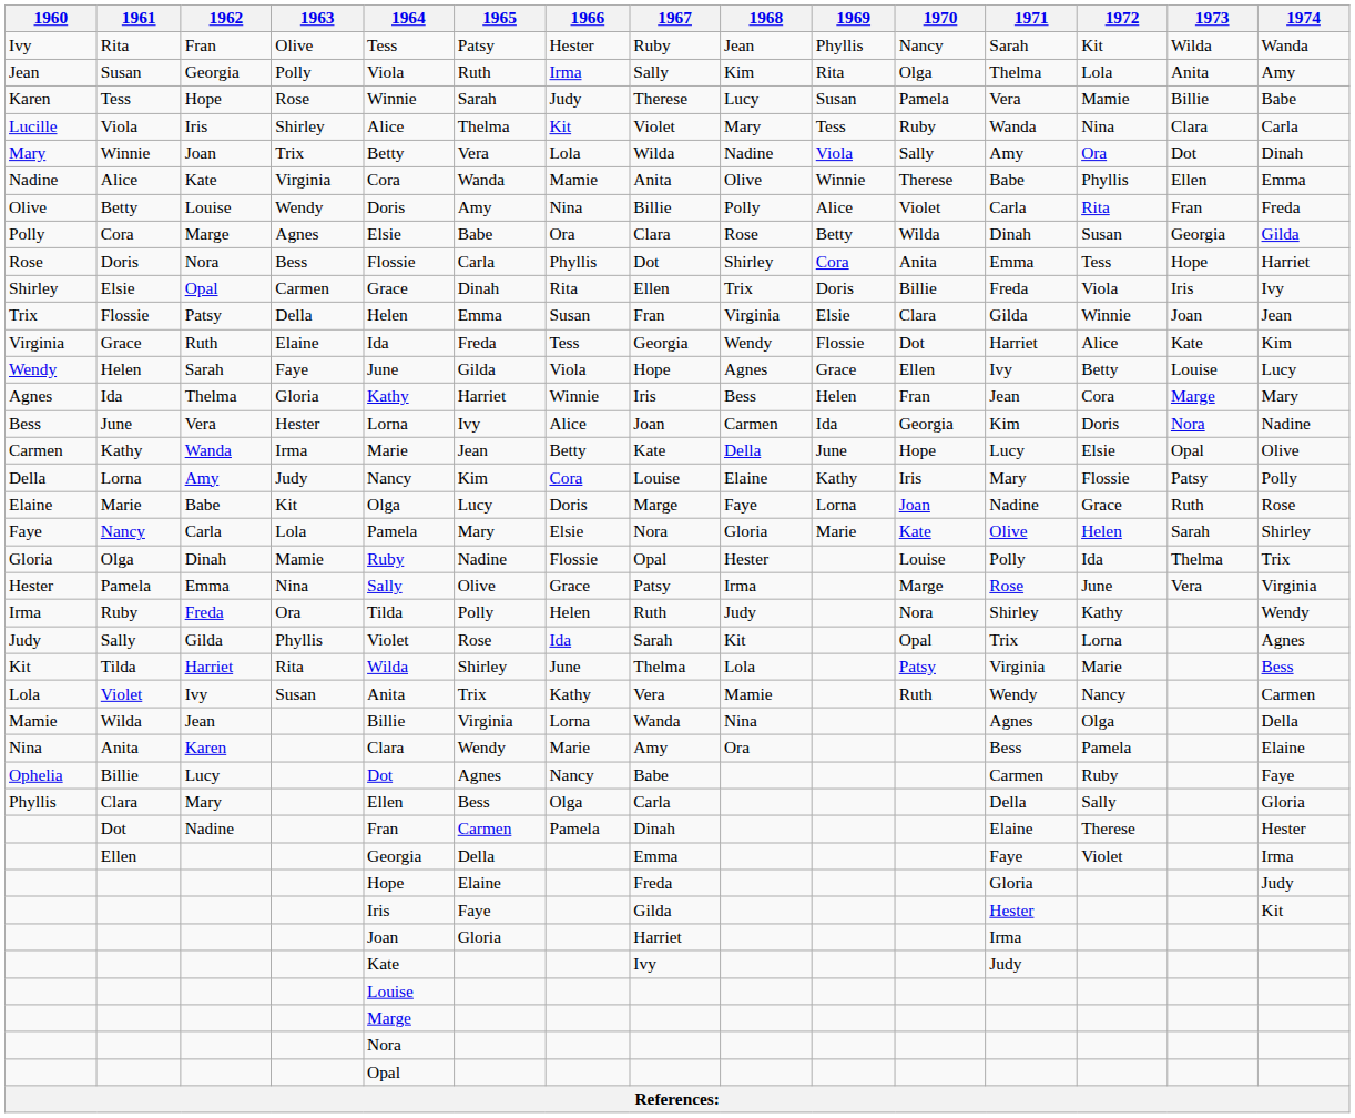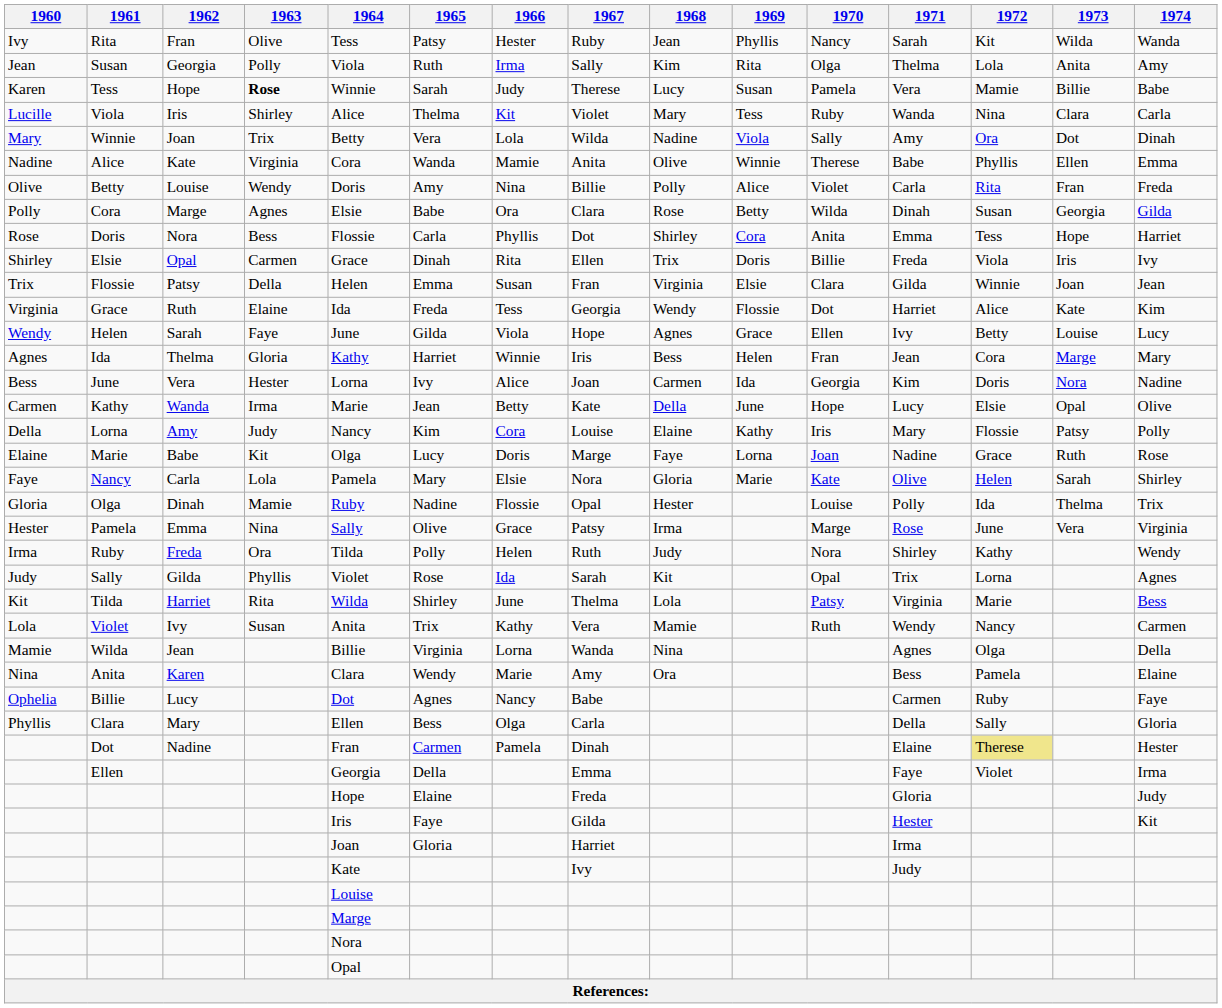 <table class="wikitable" width="100%">
 <tr>
 <th><a href='#'>1960</a></th>
 <th><a href='#'>1961</a></th>
 <th><a href='#'>1962</a></th>
 <th><a href='#'>1963</a></th>
 <th><a href='#'>1964</a></th>
 <th><a href='#'>1965</a></th>
 <th><a href='#'>1966</a></th>
 <th><a href='#'>1967</a></th>
 <th><a href='#'>1968</a></th>
 <th><a href='#'>1969</a></th>
 <th><a href='#'>1970</a></th>
 <th><a href='#'>1971</a></th>
 <th><a href='#'>1972</a></th>
 <th><a href='#'>1973</a></th>
 <th><a href='#'>1974</a></th>
 </tr>
 <tr>
 <td>Ivy</td>
 <td>Rita</td>
 <td>Fran</td>
 <td>Olive</td>
 <td>Tess</td>
 <td>Patsy</td>
 <td>Hester</td>
 <td>Ruby</td>
 <td>Jean</td>
 <td>Phyllis</td>
 <td>Nancy</td>
 <td>Sarah</td>
 <td>Kit</td>
 <td>Wilda</td>
 <td>Wanda</td>
 </tr>
 <tr>
 <td>Jean</td>
 <td>Susan</td>
 <td>Georgia</td>
 <td>Polly</td>
 <td>Viola</td>
 <td>Ruth</td>
 <td><a href='#'>Irma</a></td>
 <td>Sally</td>
 <td>Kim</td>
 <td>Rita</td>
 <td>Olga</td>
 <td>Thelma</td>
 <td>Lola</td>
 <td>Anita</td>
 <td>Amy</td>
 </tr>
 <tr>
 <td>Karen</td>
 <td>Tess</td>
 <td>Hope</td>
-<td>Rose</td>
+<td><strong>Rose</strong></td>
 <td>Winnie</td>
 <td>Sarah</td>
 <td>Judy</td>
 <td>Therese</td>
 <td>Lucy</td>
 <td>Susan</td>
 <td>Pamela</td>
 <td>Vera</td>
 <td>Mamie</td>
 <td>Billie</td>
 <td>Babe</td>
 </tr>
 <tr>
 <td><a href='#'>Lucille</a></td>
 <td>Viola</td>
 <td>Iris</td>
 <td>Shirley</td>
 <td>Alice</td>
 <td>Thelma</td>
 <td><a href='#'>Kit</a></td>
 <td>Violet</td>
 <td>Mary</td>
 <td>Tess</td>
 <td>Ruby</td>
 <td>Wanda</td>
 <td>Nina</td>
 <td>Clara</td>
 <td>Carla</td>
 </tr>
 <tr>
 <td><a href='#'>Mary</a></td>
 <td>Winnie</td>
 <td>Joan</td>
 <td>Trix</td>
 <td>Betty</td>
 <td>Vera</td>
 <td>Lola</td>
 <td>Wilda</td>
 <td>Nadine</td>
 <td><a href='#'>Viola</a></td>
 <td>Sally</td>
 <td>Amy</td>
 <td><a href='#'>Ora</a></td>
 <td>Dot</td>
 <td>Dinah</td>
 </tr>
 <tr>
 <td>Nadine</td>
 <td>Alice</td>
 <td>Kate</td>
 <td>Virginia</td>
 <td>Cora</td>
 <td>Wanda</td>
 <td>Mamie</td>
 <td>Anita</td>
 <td>Olive</td>
 <td>Winnie</td>
 <td>Therese</td>
 <td>Babe</td>
 <td>Phyllis</td>
 <td>Ellen</td>
 <td>Emma</td>
 </tr>
 <tr>
 <td>Olive</td>
 <td>Betty</td>
 <td>Louise</td>
 <td>Wendy</td>
 <td>Doris</td>
 <td>Amy</td>
 <td>Nina</td>
 <td>Billie</td>
 <td>Polly</td>
 <td>Alice</td>
 <td>Violet</td>
 <td>Carla</td>
 <td><a href='#'>Rita</a></td>
 <td>Fran</td>
 <td>Freda</td>
 </tr>
 <tr>
 <td>Polly</td>
 <td>Cora</td>
 <td>Marge</td>
 <td>Agnes</td>
 <td>Elsie</td>
 <td>Babe</td>
 <td>Ora</td>
 <td>Clara</td>
 <td>Rose</td>
 <td>Betty</td>
 <td>Wilda</td>
 <td>Dinah</td>
 <td>Susan</td>
 <td>Georgia</td>
 <td><a href='#'>Gilda</a></td>
 </tr>
 <tr>
 <td>Rose</td>
 <td>Doris</td>
 <td>Nora</td>
 <td>Bess</td>
 <td>Flossie</td>
 <td>Carla</td>
 <td>Phyllis</td>
 <td>Dot</td>
 <td>Shirley</td>
 <td><a href='#'>Cora</a></td>
 <td>Anita</td>
 <td>Emma</td>
 <td>Tess</td>
 <td>Hope</td>
 <td>Harriet</td>
 </tr>
 <tr>
 <td>Shirley</td>
 <td>Elsie</td>
 <td><a href='#'>Opal</a></td>
 <td>Carmen</td>
 <td>Grace</td>
 <td>Dinah</td>
 <td>Rita</td>
 <td>Ellen</td>
 <td>Trix</td>
 <td>Doris</td>
 <td>Billie</td>
 <td>Freda</td>
 <td>Viola</td>
 <td>Iris</td>
 <td>Ivy</td>
 </tr>
 <tr>
 <td>Trix</td>
 <td>Flossie</td>
 <td>Patsy</td>
 <td>Della</td>
 <td>Helen</td>
 <td>Emma</td>
 <td>Susan</td>
 <td>Fran</td>
 <td>Virginia</td>
 <td>Elsie</td>
 <td>Clara</td>
 <td>Gilda</td>
 <td>Winnie</td>
 <td>Joan</td>
 <td>Jean</td>
 </tr>
 <tr>
 <td>Virginia</td>
 <td>Grace</td>
 <td>Ruth</td>
 <td>Elaine</td>
 <td>Ida</td>
 <td>Freda</td>
 <td>Tess</td>
 <td>Georgia</td>
 <td>Wendy</td>
 <td>Flossie</td>
 <td>Dot</td>
 <td>Harriet</td>
 <td>Alice</td>
 <td>Kate</td>
 <td>Kim</td>
 </tr>
 <tr>
 <td><a href='#'>Wendy</a></td>
 <td>Helen</td>
 <td>Sarah</td>
 <td>Faye</td>
 <td>June</td>
 <td>Gilda</td>
 <td>Viola</td>
 <td>Hope</td>
 <td>Agnes</td>
 <td>Grace</td>
 <td>Ellen</td>
 <td>Ivy</td>
 <td>Betty</td>
 <td>Louise</td>
 <td>Lucy</td>
 </tr>
 <tr>
 <td>Agnes</td>
 <td>Ida</td>
 <td>Thelma</td>
 <td>Gloria</td>
 <td><a href='#'>Kathy</a></td>
 <td>Harriet</td>
 <td>Winnie</td>
 <td>Iris</td>
 <td>Bess</td>
 <td>Helen</td>
 <td>Fran</td>
 <td>Jean</td>
 <td>Cora</td>
 <td><a href='#'>Marge</a></td>
 <td>Mary</td>
 </tr>
 <tr>
 <td>Bess</td>
 <td>June</td>
 <td>Vera</td>
 <td>Hester</td>
 <td>Lorna</td>
 <td>Ivy</td>
 <td>Alice</td>
 <td>Joan</td>
 <td>Carmen</td>
 <td>Ida</td>
 <td>Georgia</td>
 <td>Kim</td>
 <td>Doris</td>
 <td><a href='#'>Nora</a></td>
 <td>Nadine</td>
 </tr>
 <tr>
 <td>Carmen</td>
 <td>Kathy</td>
 <td><a href='#'>Wanda</a></td>
 <td>Irma</td>
 <td>Marie</td>
 <td>Jean</td>
 <td>Betty</td>
 <td>Kate</td>
 <td><a href='#'>Della</a></td>
 <td>June</td>
 <td>Hope</td>
 <td>Lucy</td>
 <td>Elsie</td>
 <td>Opal</td>
 <td>Olive</td>
 </tr>
 <tr>
 <td>Della</td>
 <td>Lorna</td>
 <td><a href='#'>Amy</a></td>
 <td>Judy</td>
 <td>Nancy</td>
 <td>Kim</td>
 <td><a href='#'>Cora</a></td>
 <td>Louise</td>
 <td>Elaine</td>
 <td>Kathy</td>
 <td>Iris</td>
 <td>Mary</td>
 <td>Flossie</td>
 <td>Patsy</td>
 <td>Polly</td>
 </tr>
 <tr>
 <td>Elaine</td>
 <td>Marie</td>
 <td>Babe</td>
 <td>Kit</td>
 <td>Olga</td>
 <td>Lucy</td>
 <td>Doris</td>
 <td>Marge</td>
 <td>Faye</td>
 <td>Lorna</td>
 <td><a href='#'>Joan</a></td>
 <td>Nadine</td>
 <td>Grace</td>
 <td>Ruth</td>
 <td>Rose</td>
 </tr>
 <tr>
 <td>Faye</td>
 <td><a href='#'>Nancy</a></td>
 <td>Carla</td>
 <td>Lola</td>
 <td>Pamela</td>
 <td>Mary</td>
 <td>Elsie</td>
 <td>Nora</td>
 <td>Gloria</td>
 <td>Marie</td>
 <td><a href='#'>Kate</a></td>
 <td><a href='#'>Olive</a></td>
 <td><a href='#'>Helen</a></td>
 <td>Sarah</td>
 <td>Shirley</td>
 </tr>
 <tr>
 <td>Gloria</td>
 <td>Olga</td>
 <td>Dinah</td>
 <td>Mamie</td>
 <td><a href='#'>Ruby</a></td>
 <td>Nadine</td>
 <td>Flossie</td>
 <td>Opal</td>
 <td>Hester</td>
 <td></td>
 <td>Louise</td>
 <td>Polly</td>
 <td>Ida</td>
 <td>Thelma</td>
 <td>Trix</td>
 </tr>
 <tr>
 <td>Hester</td>
 <td>Pamela</td>
 <td>Emma</td>
 <td>Nina</td>
 <td><a href='#'>Sally</a></td>
 <td>Olive</td>
 <td>Grace</td>
 <td>Patsy</td>
 <td>Irma</td>
 <td></td>
 <td>Marge</td>
 <td><a href='#'>Rose</a></td>
 <td>June</td>
 <td>Vera</td>
 <td>Virginia</td>
 </tr>
 <tr>
 <td>Irma</td>
 <td>Ruby</td>
 <td><a href='#'>Freda</a></td>
 <td>Ora</td>
 <td>Tilda</td>
 <td>Polly</td>
 <td>Helen</td>
 <td>Ruth</td>
 <td>Judy</td>
 <td></td>
 <td>Nora</td>
 <td>Shirley</td>
 <td>Kathy</td>
 <td></td>
 <td>Wendy</td>
 </tr>
 <tr>
 <td>Judy</td>
 <td>Sally</td>
 <td>Gilda</td>
 <td>Phyllis</td>
 <td>Violet</td>
 <td>Rose</td>
 <td><a href='#'>Ida</a></td>
 <td>Sarah</td>
 <td>Kit</td>
 <td></td>
 <td>Opal</td>
 <td>Trix</td>
 <td>Lorna</td>
 <td></td>
 <td>Agnes</td>
 </tr>
 <tr>
 <td>Kit</td>
 <td>Tilda</td>
 <td><a href='#'>Harriet</a></td>
 <td>Rita</td>
 <td><a href='#'>Wilda</a></td>
 <td>Shirley</td>
 <td>June</td>
 <td>Thelma</td>
 <td>Lola</td>
 <td></td>
 <td><a href='#'>Patsy</a></td>
 <td>Virginia</td>
 <td>Marie</td>
 <td></td>
 <td><a href='#'>Bess</a></td>
 </tr>
 <tr>
 <td>Lola</td>
 <td><a href='#'>Violet</a></td>
 <td>Ivy</td>
 <td>Susan</td>
 <td>Anita</td>
 <td>Trix</td>
 <td>Kathy</td>
 <td>Vera</td>
 <td>Mamie</td>
 <td></td>
 <td>Ruth</td>
 <td>Wendy</td>
 <td>Nancy</td>
 <td></td>
 <td>Carmen</td>
 </tr>
 <tr>
 <td>Mamie</td>
 <td>Wilda</td>
 <td>Jean</td>
 <td></td>
 <td>Billie</td>
 <td>Virginia</td>
 <td>Lorna</td>
 <td>Wanda</td>
 <td>Nina</td>
 <td></td>
 <td></td>
 <td>Agnes</td>
 <td>Olga</td>
 <td></td>
 <td>Della</td>
 </tr>
 <tr>
 <td>Nina</td>
 <td>Anita</td>
 <td><a href='#'>Karen</a></td>
 <td></td>
 <td>Clara</td>
 <td>Wendy</td>
 <td>Marie</td>
 <td>Amy</td>
 <td>Ora</td>
 <td></td>
 <td></td>
 <td>Bess</td>
 <td>Pamela</td>
 <td></td>
 <td>Elaine</td>
 </tr>
 <tr>
 <td><a href='#'>Ophelia</a></td>
 <td>Billie</td>
 <td>Lucy</td>
 <td></td>
 <td><a href='#'>Dot</a></td>
 <td>Agnes</td>
 <td>Nancy</td>
 <td>Babe</td>
 <td></td>
 <td></td>
 <td></td>
 <td>Carmen</td>
 <td>Ruby</td>
 <td></td>
 <td>Faye</td>
 </tr>
 <tr>
 <td>Phyllis</td>
 <td>Clara</td>
 <td>Mary</td>
 <td></td>
 <td>Ellen</td>
 <td>Bess</td>
 <td>Olga</td>
 <td>Carla</td>
 <td></td>
 <td></td>
 <td></td>
 <td>Della</td>
 <td>Sally</td>
 <td></td>
 <td>Gloria</td>
 </tr>
 <tr>
 <td></td>
 <td>Dot</td>
 <td>Nadine</td>
 <td></td>
 <td>Fran</td>
 <td><a href='#'>Carmen</a></td>
 <td>Pamela</td>
 <td>Dinah</td>
 <td></td>
 <td></td>
 <td></td>
 <td>Elaine</td>
-<td>Therese</td>
+<td style="background: khaki;">Therese</td>
 <td></td>
 <td>Hester</td>
 </tr>
 <tr>
 <td></td>
 <td>Ellen</td>
 <td></td>
 <td></td>
 <td>Georgia</td>
 <td>Della</td>
 <td></td>
 <td>Emma</td>
 <td></td>
 <td></td>
 <td></td>
 <td>Faye</td>
 <td>Violet</td>
 <td></td>
 <td>Irma</td>
 </tr>
 <tr>
 <td></td>
 <td></td>
 <td></td>
 <td></td>
 <td>Hope</td>
 <td>Elaine</td>
 <td></td>
 <td>Freda</td>
 <td></td>
 <td></td>
 <td></td>
 <td>Gloria</td>
 <td></td>
 <td></td>
 <td>Judy</td>
 </tr>
 <tr>
 <td></td>
 <td></td>
 <td></td>
 <td></td>
 <td>Iris</td>
 <td>Faye</td>
 <td></td>
 <td>Gilda</td>
 <td></td>
 <td></td>
 <td></td>
 <td><a href='#'>Hester</a></td>
 <td></td>
 <td></td>
 <td>Kit</td>
 </tr>
 <tr>
 <td></td>
 <td></td>
 <td></td>
 <td></td>
 <td>Joan</td>
 <td>Gloria</td>
 <td></td>
 <td>Harriet</td>
 <td></td>
 <td></td>
 <td></td>
 <td>Irma</td>
 <td></td>
 <td></td>
 <td></td>
 </tr>
 <tr>
 <td></td>
 <td></td>
 <td></td>
 <td></td>
 <td>Kate</td>
 <td></td>
 <td></td>
 <td>Ivy</td>
 <td></td>
 <td></td>
 <td></td>
 <td>Judy</td>
 <td></td>
 <td></td>
 <td></td>
 </tr>
 <tr>
 <td></td>
 <td></td>
 <td></td>
 <td></td>
 <td><a href='#'>Louise</a></td>
 <td></td>
 <td></td>
 <td></td>
 <td></td>
 <td></td>
 <td></td>
 <td></td>
 <td></td>
 <td></td>
 <td></td>
 </tr>
 <tr>
 <td></td>
 <td></td>
 <td></td>
 <td></td>
 <td><a href='#'>Marge</a></td>
 <td></td>
 <td></td>
 <td></td>
 <td></td>
 <td></td>
 <td></td>
 <td></td>
 <td></td>
 <td></td>
 <td></td>
 </tr>
 <tr>
 <td></td>
 <td></td>
 <td></td>
 <td></td>
 <td>Nora</td>
 <td></td>
 <td></td>
 <td></td>
 <td></td>
 <td></td>
 <td></td>
 <td></td>
 <td></td>
 <td></td>
 <td></td>
 </tr>
 <tr>
 <td></td>
 <td></td>
 <td></td>
 <td></td>
 <td>Opal</td>
 <td></td>
 <td></td>
 <td></td>
 <td></td>
 <td></td>
 <td></td>
 <td></td>
 <td></td>
 <td></td>
 <td></td>
 </tr>
 <tr>
 <th colspan=15>References:</th>
 </tr>
 </table>
